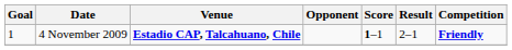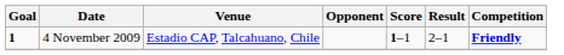 <table class="wikitable collapsible collapsed" style=font-size:85%>
 <tr>
 <th>Goal</th>
 <th>Date</th>
 <th>Venue</th>
 <th>Opponent</th>
 <th>Score</th>
 <th>Result</th>
 <th>Competition</th>
 </tr>
 <tr>
-<td>1</td>
+<td><strong>1</strong></td>
 <td>4 November 2009</td>
-<td><strong><a href='#'>Estadio CAP</a>, <a href='#'>Talcahuano</a>, <a href='#'>Chile</a></strong></td>
+<td><a href='#'>Estadio CAP</a>, <a href='#'>Talcahuano</a>, <a href='#'>Chile</a></td>
 <td align=left></td>
 <td><strong>1</strong>–1</td>
 <td>2–1</td>
 <td><strong><a href='#'>Friendly</a></strong></td>
 </tr>
 <tr>
 </tr>
 </table>
